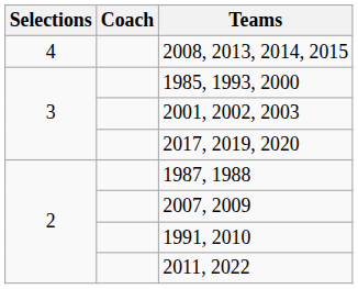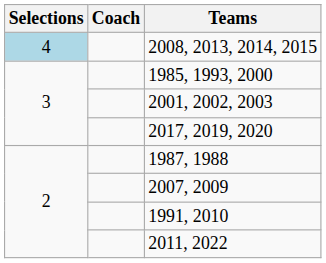 <table class="wikitable sortable">
 <tr>
 <th>Selections</th>
 <th>Coach</th>
 <th class="unsortable">Teams</th>
 </tr>
 <tr>
-<td align="center">4</td>
+<td align="center" style="background: lightblue;">4</td>
 <td></td>
 <td>2008, 2013, 2014, 2015</td>
 </tr>
 <tr>
 <td rowspan="3" align="center">3</td>
 <td></td>
 <td>1985, 1993, 2000</td>
 </tr>
 <tr>
 <td></td>
 <td>2001, 2002, 2003</td>
 </tr>
 <tr>
 <td></td>
 <td>2017, 2019, 2020</td>
 </tr>
 <tr>
 <td rowspan="4" align="center">2</td>
 <td></td>
 <td>1987, 1988</td>
 </tr>
 <tr>
 <td></td>
 <td>2007, 2009</td>
 </tr>
 <tr>
 <td></td>
 <td>1991, 2010</td>
 </tr>
 <tr>
 <td></td>
 <td>2011, 2022</td>
 </tr>
 </table>
